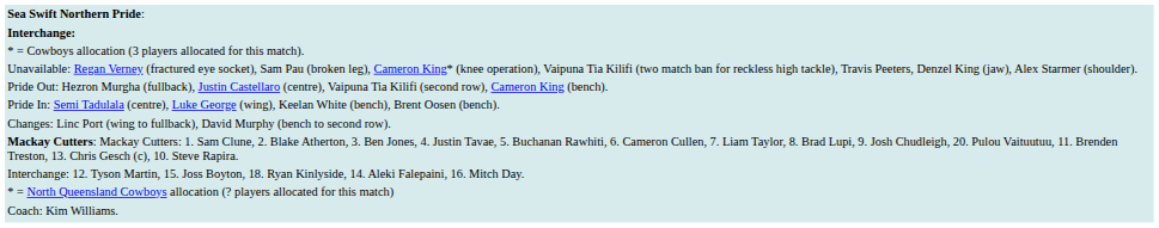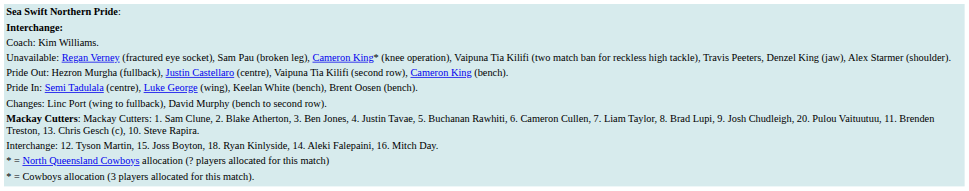 <table style="background:#d7ebed; font-size:85%; width:100%;">
 <tr>
 <td><strong>Sea Swift Northern Pride</strong>:             </td>
 </tr>
 <tr>
 <td><strong>Interchange:    </strong></td>
 </tr>
 <tr>
-<td>* = Cowboys allocation (3 players allocated for this match).</td>
+<td>Coach: Kim Williams.</td>
 </tr>
 <tr>
 <td>Unavailable:  <a href='#'>Regan Verney</a> (fractured eye socket), Sam Pau (broken leg), <a href='#'>Cameron King</a>* (knee operation), Vaipuna Tia Kilifi (two match ban for reckless high tackle), Travis Peeters, Denzel King (jaw), Alex Starmer (shoulder).</td>
 </tr>
 <tr>
 <td>Pride Out: Hezron Murgha (fullback), <a href='#'>Justin Castellaro</a> (centre), Vaipuna Tia Kilifi (second row), <a href='#'>Cameron King</a> (bench).</td>
 </tr>
 <tr>
 <td>Pride In: <a href='#'>Semi Tadulala</a> (centre), <a href='#'>Luke George</a> (wing), Keelan White (bench), Brent Oosen (bench).</td>
 </tr>
 <tr>
 <td>Changes: Linc Port (wing to fullback), David Murphy (bench to second row).</td>
 </tr>
 <tr>
 <td><strong>Mackay Cutters</strong>:  Mackay Cutters: 1. Sam Clune, 2. Blake Atherton, 3. Ben Jones, 4. Justin Tavae, 5. Buchanan Rawhiti, 6. Cameron Cullen, 7. Liam Taylor, 8. Brad Lupi, 9. Josh Chudleigh, 20. Pulou Vaituutuu, 11. Brenden Treston, 13. Chris Gesch (c), 10. Steve Rapira.</td>
 </tr>
 <tr>
 <td>Interchange: 12. Tyson Martin, 15. Joss Boyton, 18. Ryan Kinlyside, 14. Aleki Falepaini, 16. Mitch Day.</td>
 </tr>
 <tr>
 <td>* = <a href='#'>North Queensland Cowboys</a> allocation (? players allocated for this match)</td>
 </tr>
 <tr>
-<td>Coach: Kim Williams.</td>
+<td>* = Cowboys allocation (3 players allocated for this match).</td>
 </tr>
 <tr>
 </tr>
 </table>
